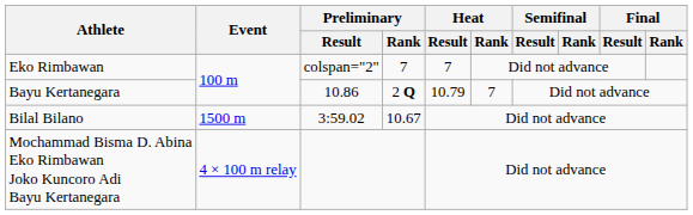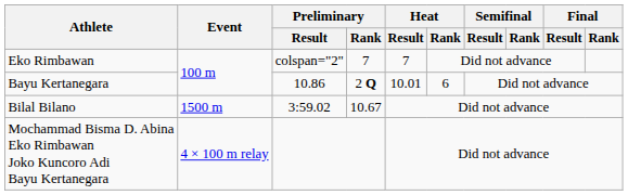 <table class="wikitable" style="font-size:90%; text-align:center;">
 <tr>
 <th rowspan="2">Athlete</th>
 <th rowspan="2">Event</th>
 <th colspan="2">Preliminary</th>
 <th colspan="2">Heat</th>
 <th colspan="2">Semifinal</th>
 <th colspan="2">Final</th>
 </tr>
 <tr style="font-size:95%">
 <th>Result</th>
 <th>Rank</th>
 <th>Result</th>
 <th>Rank</th>
 <th>Result</th>
 <th>Rank</th>
 <th>Result</th>
 <th>Rank</th>
 </tr>
 <tr>
 <td align="left">Eko Rimbawan</td>
 <td align="left" rowspan="2"><a href='#'>100 m</a></td>
 <td>colspan="2" </td>
 <td>7</td>
 <td>7</td>
 <td colspan="4">Did not advance</td>
 </tr>
 <tr>
 <td align="left">Bayu Kertanegara</td>
 <td>10.86</td>
 <td>2 <strong>Q</strong></td>
-<td>10.79</td>
-<td>7 <strong></strong></td>
+<td>10.01</td>
+<td>6 <strong></strong></td>
 <td colspan="4">Did not advance</td>
 </tr>
 <tr>
 <td align="left">Bilal Bilano</td>
 <td align="left"><a href='#'>1500 m</a></td>
 <td>3:59.02</td>
 <td>10.67</td>
 <td colspan="6">Did not advance</td>
 </tr>
 <tr>
 <td align="left">Mochammad Bisma D. Abina<br>Eko Rimbawan<br>Joko Kuncoro Adi<br>Bayu Kertanegara</td>
 <td align="left"><a href='#'>4 × 100 m relay</a></td>
 <td colspan="2"></td>
 <td colspan="6">Did not advance</td>
 </tr>
 </table>
